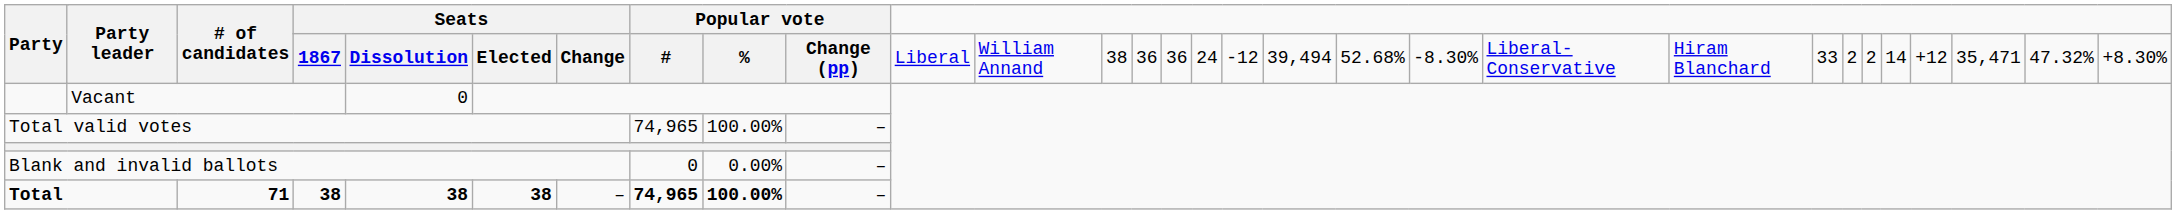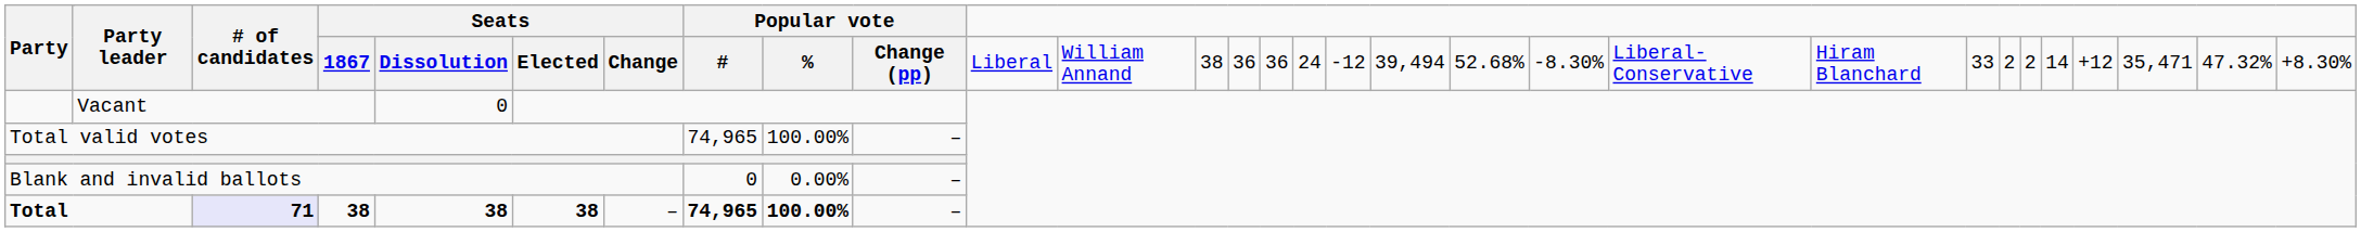 <table class="wikitable">
 <tr>
 <th rowspan="2" colspan="2">Party</th>
 <th rowspan="2">Party leader</th>
 <th rowspan="2"># of<br>candidates</th>
 <th colspan="4">Seats</th>
 <th colspan="3">Popular vote</th>
 </tr>
 <tr>
 <th><a href='#'>1867</a></th>
 <th><span><a href='#'>Dissolution</a></span></th>
 <th>Elected</th>
 <th>Change</th>
 <th>#</th>
 <th>%</th>
 <th>Change (<a href='#'>pp</a>)<br></th>
 <td><a href='#'>Liberal</a></td>
 <td><a href='#'>William Annand</a></td>
 <td align="right">38</td>
 <td align="right">36</td>
 <td align="right">36</td>
 <td align="right">24</td>
 <td align="right">-12</td>
 <td align="right">39,494</td>
 <td align="right">52.68%</td>
 <td align="right">-8.30%<br></td>
 <td><a href='#'>Liberal-Conservative</a></td>
 <td><a href='#'>Hiram Blanchard</a></td>
 <td align="right">33</td>
 <td align="right">2</td>
 <td align="right">2</td>
 <td align="right">14</td>
 <td align="right">+12</td>
 <td align="right">35,471</td>
 <td align="right">47.32%</td>
 <td align="right">+8.30%</td>
 </tr>
 <tr>
 <td> </td>
 <td colspan=4>Vacant</td>
 <td align="right">0</td>
 <td colspan=5> </td>
 </tr>
 <tr>
 <td colspan="8">Total valid votes</td>
 <td align="right">74,965</td>
 <td align="right">100.00%</td>
 <td align="right">–</td>
 </tr>
 <tr>
 <th colspan="11"></th>
 </tr>
 <tr>
 <td colspan="8">Blank and invalid ballots</td>
 <td align="right">0</td>
 <td align="right">0.00%</td>
 <td align="right">–</td>
 </tr>
 <tr>
 <td colspan=3><strong>Total</strong></td>
-<td align="right"><strong>71</strong></td>
+<td align="right" style="background: lavender;"><strong>71</strong></td>
 <td align="right"><strong>38</strong></td>
 <td align="right"><strong>38</strong></td>
 <td align="right"><strong>38</strong></td>
 <td align="right">–</td>
 <td align="right"><strong>74,965</strong></td>
 <td align="right"><strong>100.00%</strong></td>
 <td align="right">–</td>
 </tr>
 </table>
